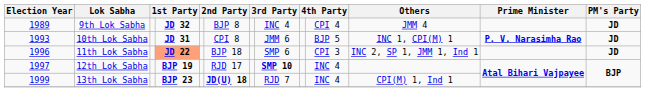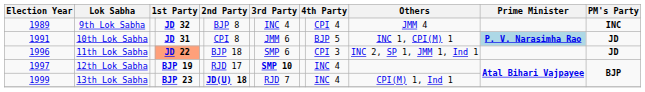 <table class="wikitable" style="text-align:center">
 <tr>
 <th>Election Year</th>
 <th>Lok Sabha</th>
 <th colspan="2">1st Party</th>
 <th colspan="2">2nd Party</th>
 <th colspan="2">3rd Party</th>
 <th colspan="2">4th Party</th>
 <th>Others</th>
 <th>Prime Minister</th>
 <th>PM's Party</th>
 </tr>
 <tr>
 <td><a href='#'>1989</a></td>
 <td><a href='#'>9th Lok Sabha</a></td>
 <td style="background-color: "></td>
 <td><strong><a href='#'>JD</a> 32</strong></td>
 <td style="background-color: "></td>
 <td><a href='#'>BJP</a> 8</td>
 <td style="background-color: "></td>
 <td><a href='#'>INC</a> 4</td>
 <td style="background-color: "></td>
 <td><a href='#'>CPI</a> 4</td>
 <td><a href='#'>JMM</a> 4</td>
 <td></td>
-<td style="background:"><strong>JD</strong></td>
+<td style="background:"><strong>INC</strong></td>
 </tr>
 <tr>
-<td><a href='#'>1993</a></td>
+<td><a href='#'>1991</a></td>
 <td><a href='#'>10th Lok Sabha</a></td>
 <td style="background-color: "></td>
 <td><strong><a href='#'>JD</a> 31</strong></td>
 <td style="background-color: "></td>
 <td><a href='#'>CPI</a> 8</td>
 <td style="background-color: "></td>
 <td><a href='#'>JMM</a> 6</td>
 <td style="background-color: "></td>
 <td><a href='#'>BJP</a> 5</td>
 <td><a href='#'>INC</a> 1, <a href='#'>CPI(M)</a> 1</td>
-<td><strong><a href='#'>P. V. Narasimha Rao</a></strong></td>
+<td style="background: lightblue;"><strong><a href='#'>P. V. Narasimha Rao</a></strong></td>
 <td style="background:"><strong>JD</strong></td>
 </tr>
 <tr>
 <td><a href='#'>1996</a></td>
 <td><a href='#'>11th Lok Sabha</a></td>
 <td style="background-color: "></td>
 <td style="background: lightsalmon;"><strong><a href='#'>JD</a> 22</strong></td>
 <td style="background-color: "></td>
 <td><a href='#'>BJP</a> 18</td>
 <td style="background-color: "></td>
 <td><a href='#'>SMP</a> 6</td>
 <td style="background-color: "></td>
 <td><a href='#'>CPI</a> 3</td>
 <td><a href='#'>INC</a> 2, <a href='#'>SP</a> 1, <a href='#'>JMM</a> 1, <a href='#'>Ind</a> 1</td>
 <td></td>
 <td style="background:"><strong>JD</strong></td>
 </tr>
 <tr>
 <td><a href='#'>1997</a></td>
 <td><a href='#'>12th Lok Sabha</a></td>
 <td style="background-color: "></td>
 <td><strong><a href='#'>BJP</a> 19</strong></td>
 <td style="background-color: "></td>
 <td><a href='#'>RJD</a> 17</td>
 <td style="background-color: "></td>
 <td><strong><a href='#'>SMP</a> 10</strong></td>
 <td style="background-color: "></td>
 <td><a href='#'>INC</a> 4</td>
 <td></td>
 <td rowspan=2><strong><a href='#'>Atal Bihari Vajpayee</a></strong></td>
 <td rowspan=2: style="background: "><strong>BJP</strong></td>
 </tr>
 <tr>
 <td><a href='#'>1999</a></td>
 <td><a href='#'>13th Lok Sabha</a></td>
 <td style="background-color: "></td>
 <td><strong><a href='#'>BJP</a> 23</strong></td>
 <td style="background-color: "></td>
 <td><strong><a href='#'>JD(U)</a> 18</strong></td>
 <td style="background-color: "></td>
 <td><a href='#'>RJD</a> 7</td>
 <td style="background-color: "></td>
 <td><a href='#'>INC</a> 4</td>
 <td><a href='#'>CPI(M)</a> 1, <a href='#'>Ind</a> 1</td>
 </tr>
 <tr>
 </tr>
 </table>
